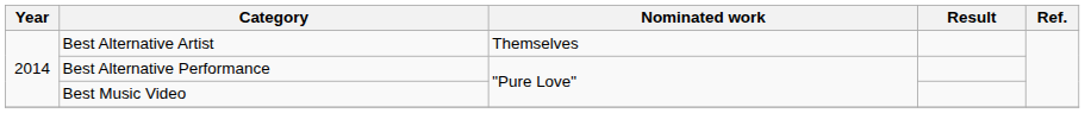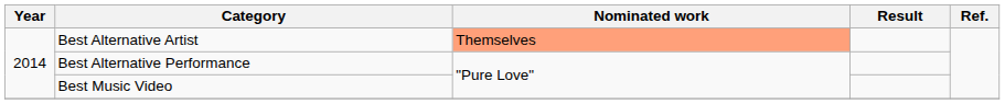 <table class="wikitable" style="width:85%;">
 <tr>
 <th width=5%>Year</th>
 <th style="width:40%;">Category</th>
 <th style="width:40%;">Nominated work</th>
 <th style="width:10%;">Result</th>
 <th style="width:5%;">Ref.</th>
 </tr>
 <tr>
 <td style="text-align:center;" rowspan="3">2014</td>
 <td>Best Alternative Artist</td>
-<td>Themselves</td>
+<td style="background: lightsalmon;">Themselves</td>
 <td></td>
 <td rowspan="3"></td>
 </tr>
 <tr>
 <td>Best Alternative Performance</td>
 <td rowspan="2">"Pure Love"</td>
 <td></td>
 </tr>
 <tr>
 <td>Best Music Video</td>
 <td></td>
 </tr>
 <tr>
 </tr>
 </table>
